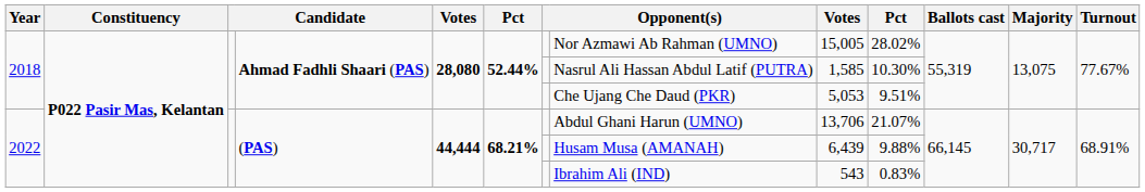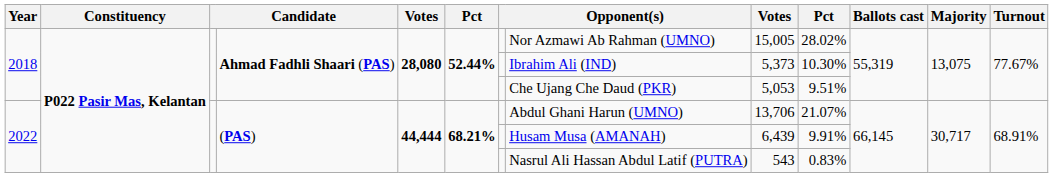 <table class="wikitable" style="margin:0.5em ; font-size:95%">
 <tr>
 <th>Year</th>
 <th>Constituency</th>
 <th colspan=2>Candidate</th>
 <th>Votes</th>
 <th>Pct</th>
 <th colspan=2>Opponent(s)</th>
 <th>Votes</th>
 <th>Pct</th>
 <th>Ballots cast</th>
 <th>Majority</th>
 <th>Turnout</th>
 </tr>
 <tr>
 <td rowspan=3><a href='#'>2018</a></td>
 <td rowspan=10><strong>P022 <a href='#'>Pasir Mas</a>, Kelantan</strong></td>
 <td rowspan=3 ></td>
 <td rowspan=3><strong>Ahmad Fadhli Shaari</strong> (<a href='#'><strong>PAS</strong></a>)</td>
 <td rowspan=3 align="right"><strong>28,080</strong></td>
 <td rowspan=3><strong>52.44%</strong></td>
 <td></td>
 <td>Nor Azmawi Ab Rahman (<a href='#'>UMNO</a>)</td>
 <td align="right">15,005</td>
 <td>28.02%</td>
 <td rowspan=3>55,319</td>
 <td rowspan=3>13,075</td>
 <td rowspan=3>77.67%</td>
 </tr>
 <tr>
 <td></td>
-<td>Nasrul Ali Hassan Abdul Latif (<a href='#'>PUTRA</a>)</td>
-<td align="right">1,585</td>
+<td><a href='#'>Ibrahim Ali</a> (<a href='#'>IND</a>)</td>
+<td align="right">5,373</td>
 <td>10.30%</td>
 </tr>
 <tr>
 <td></td>
 <td>Che Ujang Che Daud (<a href='#'>PKR</a>)</td>
 <td align="right">5,053</td>
 <td align="right">9.51%</td>
 </tr>
 <tr>
 <td rowspan=3><a href='#'>2022</a></td>
 <td rowspan=3 ></td>
 <td rowspan=3> (<a href='#'><strong>PAS</strong></a>)</td>
 <td rowspan=3 align="right"><strong>44,444</strong></td>
 <td rowspan=3><strong>68.21%</strong></td>
 <td></td>
 <td>Abdul Ghani Harun (<a href='#'>UMNO</a>)</td>
 <td align="right">13,706</td>
 <td>21.07%</td>
 <td rowspan=3>66,145</td>
 <td rowspan=3>30,717</td>
 <td rowspan=3>68.91%</td>
 </tr>
 <tr>
 <td></td>
 <td><a href='#'>Husam Musa</a> (<a href='#'>AMANAH</a>)</td>
 <td align="right">6,439</td>
-<td align="right">9.88%</td>
+<td align="right">9.91%</td>
 </tr>
 <tr>
 <td></td>
-<td><a href='#'>Ibrahim Ali</a> (<a href='#'>IND</a>)</td>
+<td>Nasrul Ali Hassan Abdul Latif (<a href='#'>PUTRA</a>)</td>
 <td align="right">543</td>
 <td align="right">0.83%</td>
 </tr>
 </table>
